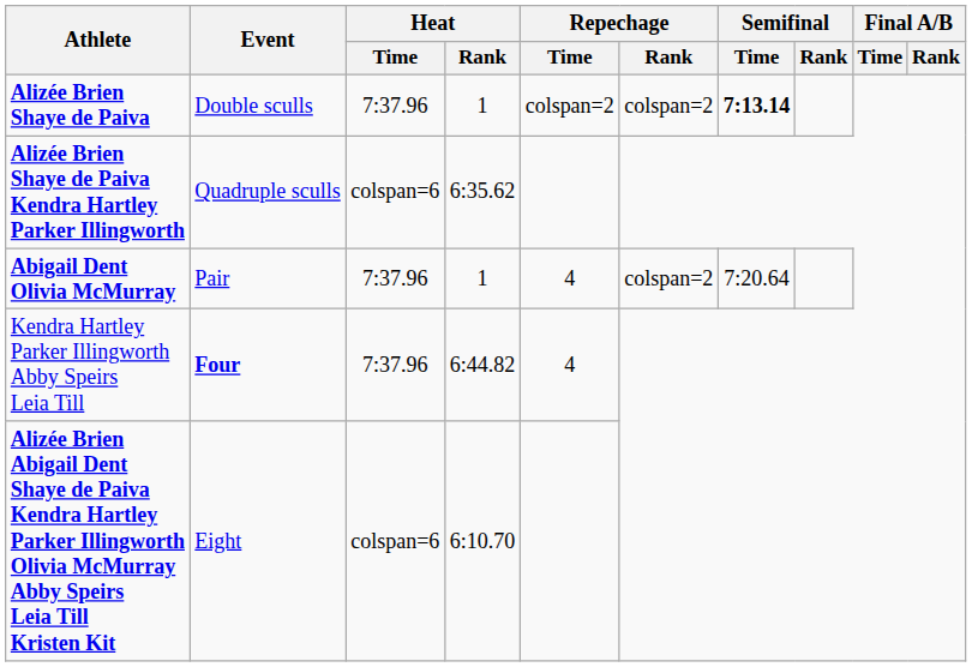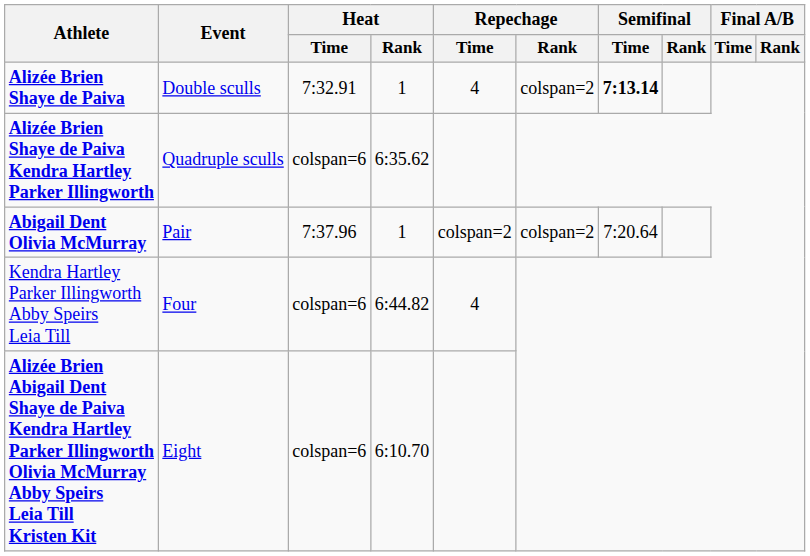 <table class=wikitable style=font-size:90%;text-align:center>
 <tr>
 <th rowspan=2>Athlete</th>
 <th rowspan=2>Event</th>
 <th colspan=2>Heat</th>
 <th colspan=2>Repechage</th>
 <th colspan=2>Semifinal</th>
 <th colspan=2>Final A/B</th>
 </tr>
 <tr style=font-size:95%>
 <th>Time</th>
 <th>Rank</th>
 <th>Time</th>
 <th>Rank</th>
 <th>Time</th>
 <th>Rank</th>
 <th>Time</th>
 <th>Rank</th>
 </tr>
 <tr>
 <td align=left><strong><a href='#'>Alizée Brien</a><br><a href='#'>Shaye de Paiva</a></strong></td>
 <td align=left><a href='#'>Double sculls</a></td>
-<td>7:37.96</td>
+<td>7:32.91</td>
 <td>1 <strong></strong></td>
-<td>colspan=2 </td>
+<td>4</td>
 <td>colspan=2 </td>
 <td><strong>7:13.14</strong></td>
 <td></td>
 </tr>
 <tr>
 <td align=left><strong><a href='#'>Alizée Brien</a><br><a href='#'>Shaye de Paiva</a><br><a href='#'>Kendra Hartley</a><br><a href='#'>Parker Illingworth</a></strong></td>
 <td align=left><a href='#'>Quadruple sculls</a></td>
 <td>colspan=6 </td>
 <td>6:35.62</td>
 <td></td>
 </tr>
 <tr>
 <td align=left><strong><a href='#'>Abigail Dent</a><br><a href='#'>Olivia McMurray</a></strong></td>
 <td align=left><a href='#'>Pair</a></td>
 <td>7:37.96</td>
 <td>1 <strong></strong></td>
-<td>4</td>
+<td>colspan=2 </td>
 <td>colspan=2 </td>
 <td>7:20.64</td>
 <td></td>
 </tr>
 <tr>
 <td align=left><a href='#'>Kendra Hartley</a><br><a href='#'>Parker Illingworth</a><br><a href='#'>Abby Speirs</a><br><a href='#'>Leia Till</a></td>
-<td align=left><strong><a href='#'>Four</a></strong></td>
-<td>7:37.96</td>
+<td align=left><a href='#'>Four</a></td>
+<td>colspan=6 </td>
 <td>6:44.82</td>
 <td>4</td>
 </tr>
 <tr>
 <td align=left><strong><a href='#'>Alizée Brien</a><br><a href='#'>Abigail Dent</a><br><a href='#'>Shaye de Paiva</a><br><a href='#'>Kendra Hartley</a><br><a href='#'>Parker Illingworth</a><br><a href='#'>Olivia McMurray</a><br><a href='#'>Abby Speirs</a><br><a href='#'>Leia Till</a><br><a href='#'>Kristen Kit</a> </strong></td>
 <td align=left><a href='#'>Eight</a></td>
 <td>colspan=6 </td>
 <td>6:10.70</td>
 <td></td>
 </tr>
 </table>
